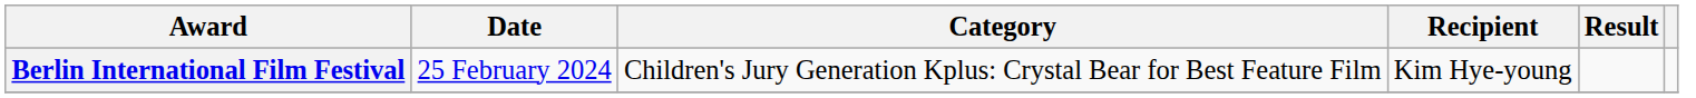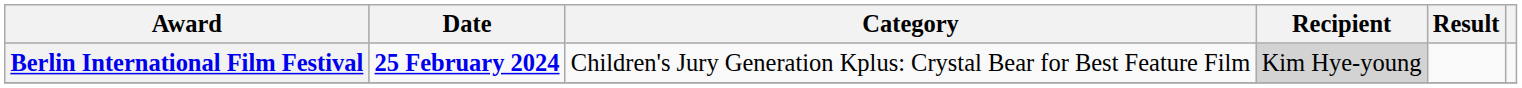 <table class="wikitable sortable plainrowheaders">
 <tr>
 <th>Award</th>
 <th>Date</th>
 <th>Category</th>
 <th>Recipient</th>
 <th>Result</th>
 <th></th>
 </tr>
 <tr>
 <th scope="row"><a href='#'>Berlin International Film Festival</a></th>
-<td><a href='#'>25 February 2024</a></td>
+<td><strong><a href='#'>25 February 2024</a></strong></td>
 <td>Children's Jury Generation Kplus: Crystal Bear for Best Feature Film</td>
-<td>Kim Hye-young</td>
+<td style="background: lightgrey;">Kim Hye-young</td>
 <td></td>
 <td align="center" rowspan="1"></td>
 </tr>
 <tr>
 </tr>
 </table>
